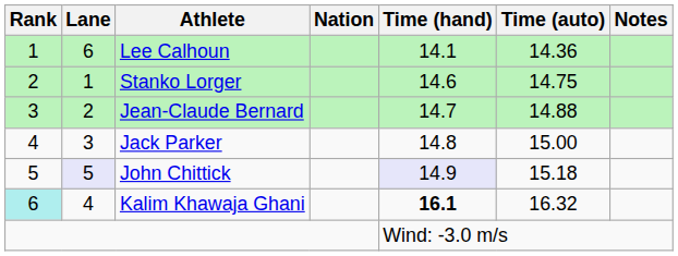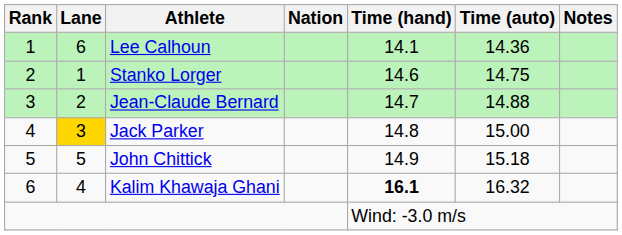 <table class="wikitable sortable" style="text-align:center">
 <tr>
 <th>Rank</th>
 <th>Lane</th>
 <th>Athlete</th>
 <th>Nation</th>
 <th>Time (hand)</th>
 <th>Time (auto)</th>
 <th>Notes</th>
 </tr>
 <tr bgcolor=bbf3bb>
 <td>1</td>
 <td>6</td>
 <td align=left><a href='#'>Lee Calhoun</a></td>
 <td align=left></td>
 <td>14.1</td>
 <td>14.36</td>
 <td></td>
 </tr>
 <tr bgcolor=bbf3bb>
 <td>2</td>
 <td>1</td>
 <td align=left><a href='#'>Stanko Lorger</a></td>
 <td align=left></td>
 <td>14.6</td>
 <td>14.75</td>
 <td></td>
 </tr>
 <tr bgcolor=bbf3bb>
 <td>3</td>
 <td>2</td>
 <td align=left><a href='#'>Jean-Claude Bernard</a></td>
 <td align=left></td>
 <td>14.7</td>
 <td>14.88</td>
 <td></td>
 </tr>
 <tr>
 <td>4</td>
-<td>3</td>
+<td style="background: gold;">3</td>
 <td align=left><a href='#'>Jack Parker</a></td>
 <td align=left></td>
 <td>14.8</td>
 <td>15.00</td>
 <td></td>
 </tr>
 <tr>
 <td>5</td>
-<td style="background: lavender;">5</td>
+<td>5</td>
 <td align=left><a href='#'>John Chittick</a></td>
 <td align=left></td>
-<td style="background: lavender;">14.9</td>
+<td>14.9</td>
 <td>15.18</td>
 <td></td>
 </tr>
 <tr>
-<td style="background: paleturquoise;">6</td>
+<td>6</td>
 <td>4</td>
 <td align=left><a href='#'>Kalim Khawaja Ghani</a></td>
 <td align=left></td>
 <td><strong>16.1</strong></td>
 <td>16.32</td>
 <td></td>
 </tr>
 <tr class="sortbottom">
 <td colspan=4></td>
 <td colspan="3" style="text-align:left;">Wind: -3.0 m/s</td>
 </tr>
 </table>
